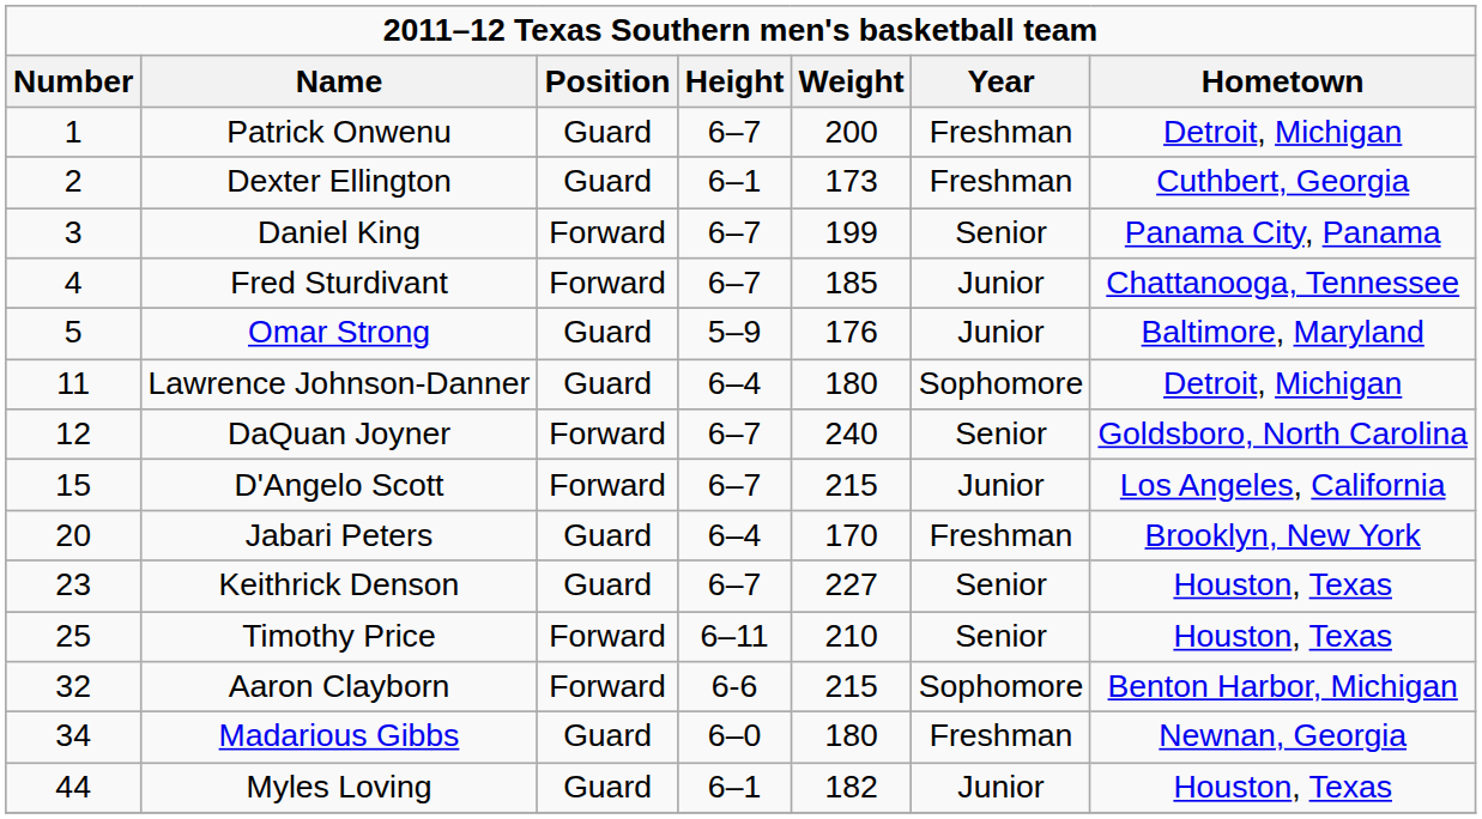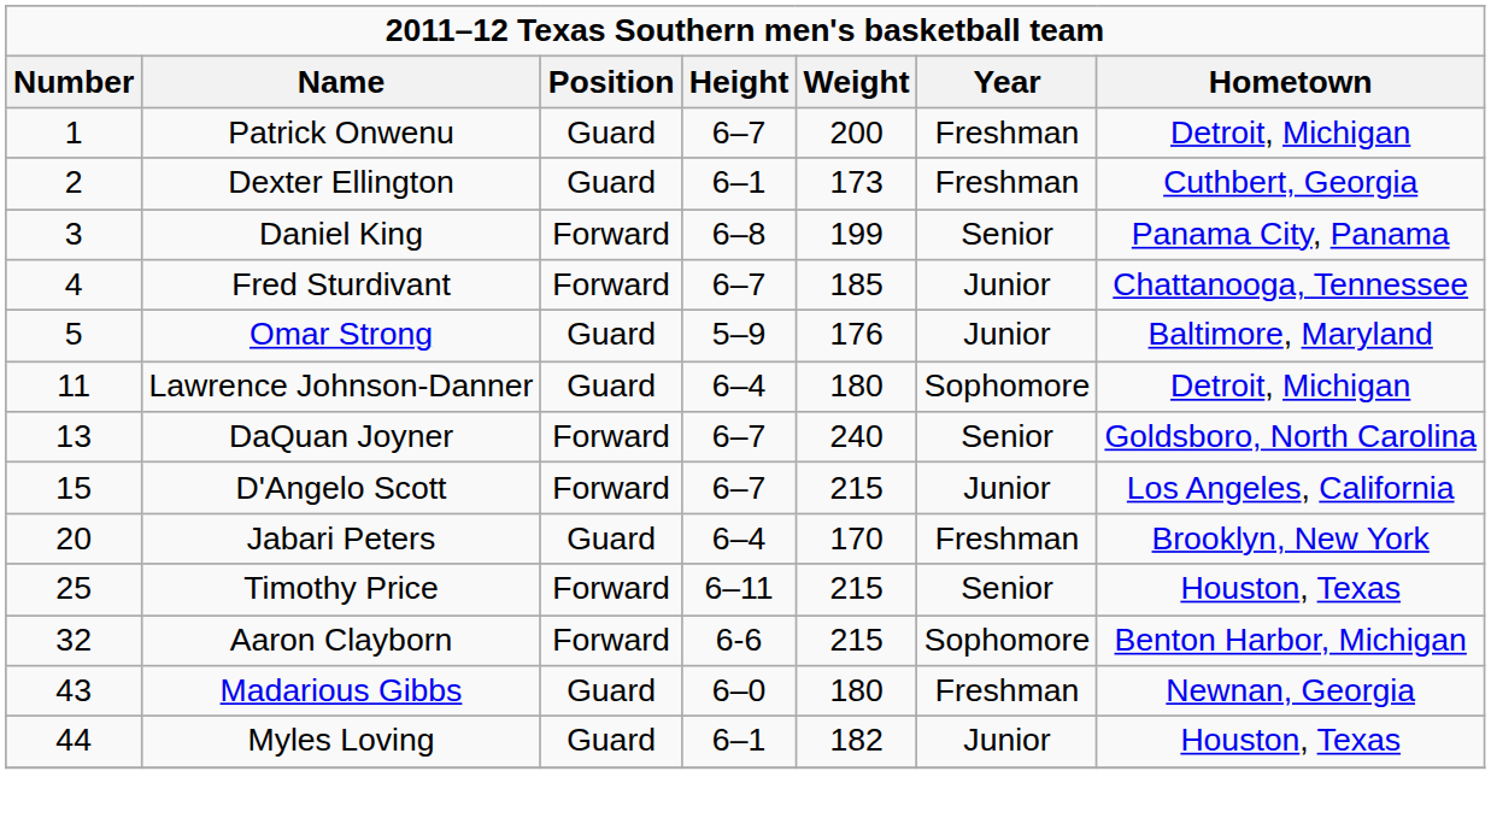 <table class="wikitable sortable" style="text-align:center;">
 <tr>
 <td colspan="7"><strong>2011–12 Texas Southern men's basketball team</strong></td>
 </tr>
 <tr>
 <th>Number</th>
 <th>Name</th>
 <th>Position</th>
 <th>Height</th>
 <th>Weight</th>
 <th>Year</th>
 <th>Hometown</th>
 </tr>
 <tr>
 <td>1</td>
 <td>Patrick Onwenu</td>
 <td>Guard</td>
 <td>6–7</td>
 <td>200</td>
 <td>Freshman</td>
 <td><a href='#'>Detroit</a>, <a href='#'>Michigan</a></td>
 </tr>
 <tr>
 <td>2</td>
 <td>Dexter Ellington</td>
 <td>Guard</td>
 <td>6–1</td>
 <td>173</td>
 <td>Freshman</td>
 <td><a href='#'>Cuthbert, Georgia</a></td>
 </tr>
 <tr>
 <td>3</td>
 <td>Daniel King</td>
 <td>Forward</td>
-<td>6–7</td>
+<td>6–8</td>
 <td>199</td>
 <td>Senior</td>
 <td><a href='#'>Panama City</a>, <a href='#'>Panama</a></td>
 </tr>
 <tr>
 <td>4</td>
 <td>Fred Sturdivant</td>
 <td>Forward</td>
 <td>6–7</td>
 <td>185</td>
 <td>Junior</td>
 <td><a href='#'>Chattanooga, Tennessee</a></td>
 </tr>
 <tr>
 <td>5</td>
 <td><a href='#'>Omar Strong</a></td>
 <td>Guard</td>
 <td>5–9</td>
 <td>176</td>
 <td>Junior</td>
 <td><a href='#'>Baltimore</a>, <a href='#'>Maryland</a></td>
 </tr>
 <tr>
 <td>11</td>
 <td>Lawrence Johnson-Danner</td>
 <td>Guard</td>
 <td>6–4</td>
 <td>180</td>
 <td>Sophomore</td>
 <td><a href='#'>Detroit</a>, <a href='#'>Michigan</a></td>
 </tr>
 <tr>
-<td>12</td>
+<td>13</td>
 <td>DaQuan Joyner</td>
 <td>Forward</td>
 <td>6–7</td>
 <td>240</td>
 <td>Senior</td>
 <td><a href='#'>Goldsboro, North Carolina</a></td>
 </tr>
 <tr>
 <td>15</td>
 <td>D'Angelo Scott</td>
 <td>Forward</td>
 <td>6–7</td>
 <td>215</td>
 <td>Junior</td>
 <td><a href='#'>Los Angeles</a>, <a href='#'>California</a></td>
 </tr>
 <tr>
 <td>20</td>
 <td>Jabari Peters</td>
 <td>Guard</td>
 <td>6–4</td>
 <td>170</td>
 <td>Freshman</td>
 <td><a href='#'>Brooklyn, New York</a></td>
 </tr>
 <tr>
-<td>23</td>
-<td>Keithrick Denson</td>
-<td>Guard</td>
-<td>6–7</td>
-<td>227</td>
-<td>Senior</td>
-<td><a href='#'>Houston</a>, <a href='#'>Texas</a></td>
-</tr>
-<tr>
 <td>25</td>
 <td>Timothy Price</td>
 <td>Forward</td>
 <td>6–11</td>
-<td>210</td>
+<td>215</td>
 <td>Senior</td>
 <td><a href='#'>Houston</a>, <a href='#'>Texas</a></td>
 </tr>
 <tr>
 <td>32</td>
 <td>Aaron Clayborn</td>
 <td>Forward</td>
 <td>6-6</td>
 <td>215</td>
 <td>Sophomore</td>
 <td><a href='#'>Benton Harbor, Michigan</a></td>
 </tr>
 <tr>
-<td>34</td>
+<td>43</td>
 <td><a href='#'>Madarious Gibbs</a></td>
 <td>Guard</td>
 <td>6–0</td>
 <td>180</td>
 <td>Freshman</td>
 <td><a href='#'>Newnan, Georgia</a></td>
 </tr>
 <tr>
 <td>44</td>
 <td>Myles Loving</td>
 <td>Guard</td>
 <td>6–1</td>
 <td>182</td>
 <td>Junior</td>
 <td><a href='#'>Houston</a>, <a href='#'>Texas</a></td>
 </tr>
 <tr>
 </tr>
 </table>
